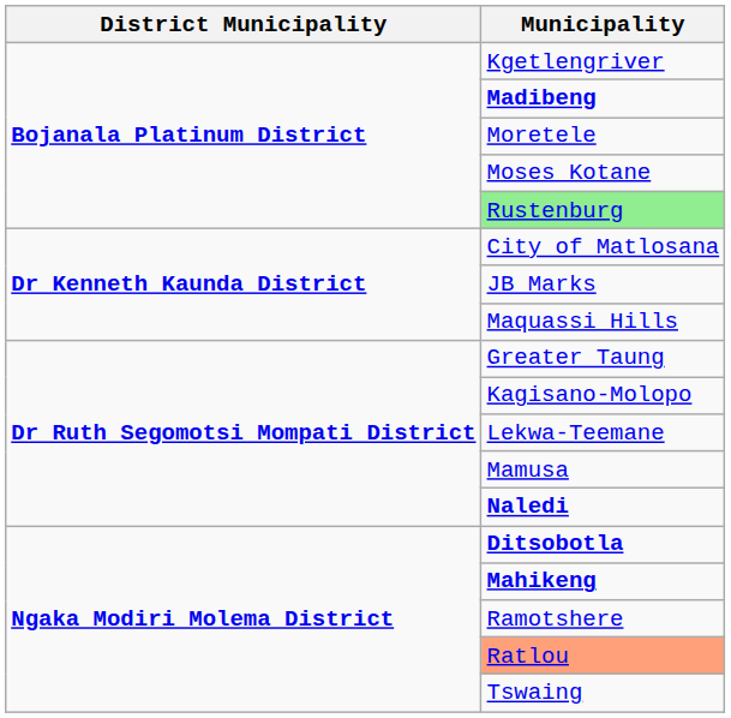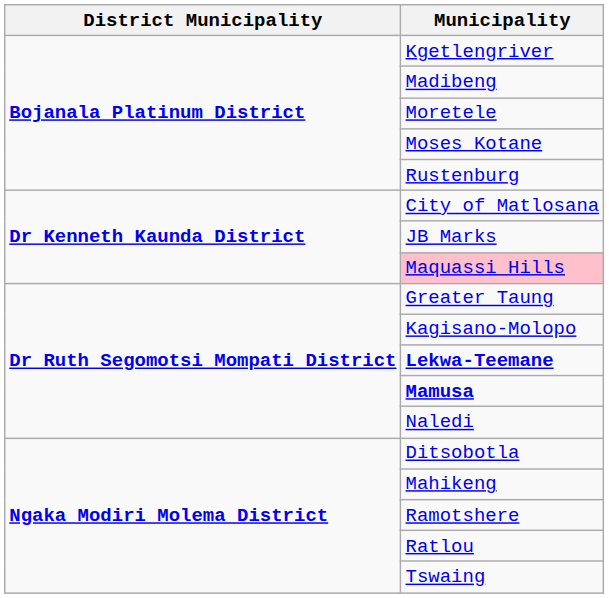 <table class="wikitable">
 <tr>
 <th>District Municipality</th>
 <th>Municipality</th>
 </tr>
 <tr>
 <td rowspan="5"><strong><a href='#'>Bojanala Platinum District</a></strong></td>
 <td><a href='#'>Kgetlengriver</a></td>
 </tr>
 <tr>
-<td><strong><a href='#'>Madibeng</a></strong></td>
+<td><a href='#'>Madibeng</a></td>
 </tr>
 <tr>
 <td><a href='#'>Moretele</a></td>
 </tr>
 <tr>
 <td><a href='#'>Moses Kotane</a></td>
 </tr>
 <tr>
-<td style="background: lightgreen;"><a href='#'>Rustenburg</a></td>
+<td><a href='#'>Rustenburg</a></td>
 </tr>
 <tr>
 <td rowspan="3"><strong><a href='#'>Dr Kenneth Kaunda District</a></strong></td>
 <td><a href='#'>City of Matlosana</a></td>
 </tr>
 <tr>
 <td><a href='#'>JB Marks</a></td>
 </tr>
 <tr>
-<td><a href='#'>Maquassi Hills</a></td>
+<td style="background: pink;"><a href='#'>Maquassi Hills</a></td>
 </tr>
 <tr>
 <td rowspan="5"><strong><a href='#'>Dr Ruth Segomotsi Mompati District</a></strong></td>
 <td><a href='#'>Greater Taung</a></td>
 </tr>
 <tr>
 <td><a href='#'>Kagisano-Molopo</a></td>
 </tr>
 <tr>
-<td><a href='#'>Lekwa-Teemane</a></td>
+<td><strong><a href='#'>Lekwa-Teemane</a></strong></td>
 </tr>
 <tr>
-<td><a href='#'>Mamusa</a></td>
+<td><strong><a href='#'>Mamusa</a></strong></td>
 </tr>
 <tr>
-<td><strong><a href='#'>Naledi</a></strong></td>
+<td><a href='#'>Naledi</a></td>
 </tr>
 <tr>
 <td rowspan="5"><strong><a href='#'>Ngaka Modiri Molema District</a></strong></td>
-<td><strong><a href='#'>Ditsobotla</a></strong></td>
+<td><a href='#'>Ditsobotla</a></td>
 </tr>
 <tr>
-<td><strong><a href='#'>Mahikeng</a></strong></td>
+<td><a href='#'>Mahikeng</a></td>
 </tr>
 <tr>
 <td><a href='#'>Ramotshere</a></td>
 </tr>
 <tr>
-<td style="background: lightsalmon;"><a href='#'>Ratlou</a></td>
+<td><a href='#'>Ratlou</a></td>
 </tr>
 <tr>
 <td><a href='#'>Tswaing</a></td>
 </tr>
 </table>
